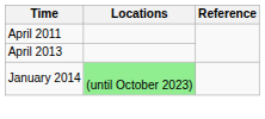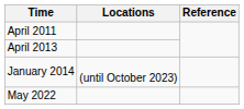 <table class="wikitable">
 <tr>
 <th>Time</th>
 <th>Locations</th>
 <th>Reference</th>
 </tr>
 <tr>
 <td>April 2011</td>
 <td></td>
 <td rowspan="2"></td>
 </tr>
 <tr>
 <td>April 2013</td>
 <td><br>   </td>
 </tr>
 <tr>
 <td>January 2014</td>
-<td style="background: lightgreen;"><br>   (until October 2023) </td>
+<td><br>   (until October 2023) </td>
+<td></td>
+</tr>
+<tr>
+<td>May 2022</td>
+<td><br>  </td>
 <td></td>
 </tr>
 </table>
